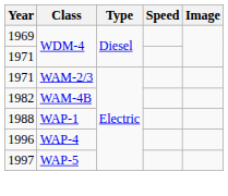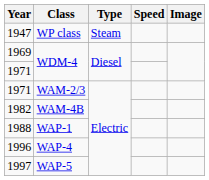 <table class="sortable wikitable">
 <tr>
 <th>Year</th>
 <th>Class</th>
 <th>Type</th>
 <th>Speed</th>
 <th>Image</th>
+</tr>
+<tr>
+<td>1947</td>
+<td><a href='#'>WP class</a></td>
+<td><a href='#'>Steam</a></td>
+<td></td>
+<td></td>
 </tr>
 <tr>
 <td>1969</td>
 <td rowspan=2><a href='#'>WDM-4</a></td>
 <td rowspan="2"><a href='#'>Diesel</a></td>
 <td></td>
 <td rowspan=2></td>
 </tr>
 <tr>
 <td>1971</td>
 <td></td>
 </tr>
 <tr>
 <td>1971</td>
 <td><a href='#'>WAM-2/3</a></td>
 <td rowspan=5><a href='#'>Electric</a></td>
 <td></td>
 <td></td>
 </tr>
 <tr>
 <td>1982</td>
 <td><a href='#'>WAM-4B</a></td>
 <td></td>
 <td></td>
 </tr>
 <tr>
 <td>1988</td>
 <td><a href='#'>WAP-1</a></td>
 <td></td>
 <td></td>
 </tr>
 <tr>
 <td>1996</td>
 <td><a href='#'>WAP-4</a></td>
 <td></td>
 <td></td>
 </tr>
 <tr>
 <td>1997</td>
 <td><a href='#'>WAP-5</a></td>
 <td></td>
 <td></td>
 </tr>
 </table>
